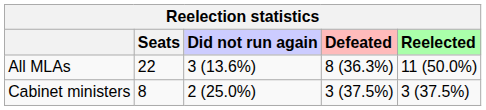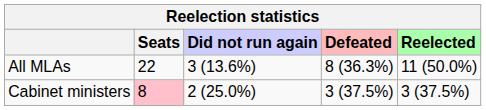 <table class=wikitable>
 <tr>
 <th colspan=5 align=center>Reelection statistics</th>
 </tr>
 <tr>
 <th></th>
 <th>Seats</th>
 <td bgcolor="CCCCFF"><strong>Did not run again</strong></td>
 <td bgcolor="FFBBBB"><strong>Defeated</strong></td>
 <td bgcolor="AAFFAA"><strong>Reelected</strong></td>
 </tr>
 <tr>
 <td>All MLAs</td>
 <td>22</td>
 <td>3 (13.6%)</td>
 <td>8 (36.3%)</td>
 <td>11 (50.0%)</td>
 </tr>
 <tr>
 <td>Cabinet ministers</td>
-<td>8</td>
+<td style="background: pink;">8</td>
 <td>2 (25.0%)</td>
 <td>3 (37.5%)</td>
 <td>3 (37.5%)</td>
 </tr>
 </table>
